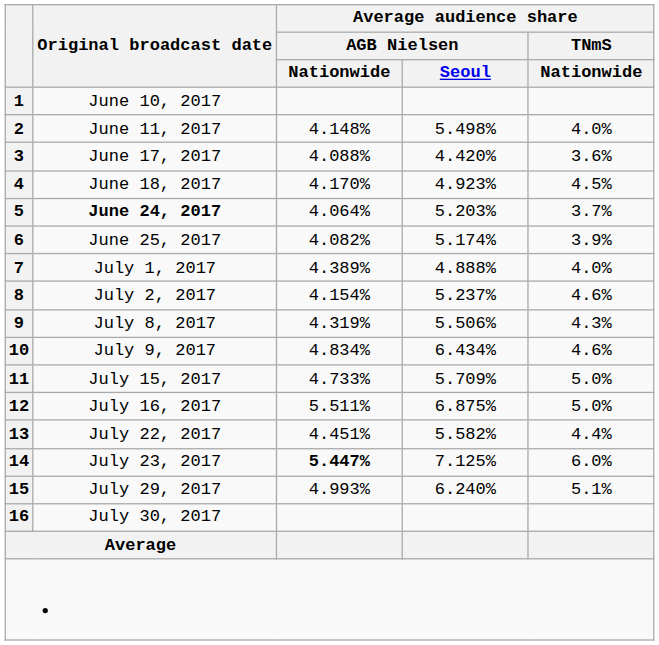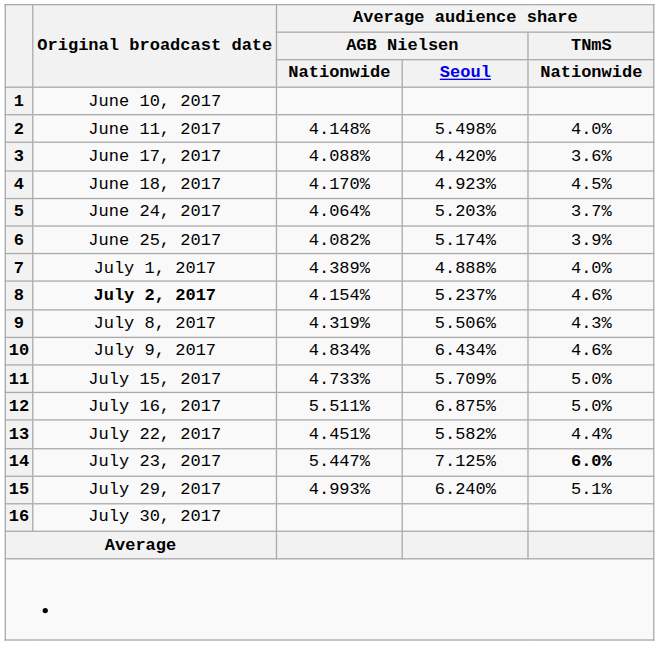 <table class="wikitable" style="text-align:center;max-width:550px; margin-left: auto; margin-right: auto; border: none;">
 <tr>
 </tr>
 <tr>
 <th rowspan="3"></th>
 <th rowspan="3">Original broadcast date</th>
 <th colspan="3">Average audience share</th>
 </tr>
 <tr>
 <th colspan="2">AGB Nielsen</th>
 <th colspan="1">TNmS</th>
 </tr>
 <tr>
 <th width="90">Nationwide</th>
 <th width="90"><a href='#'>Seoul</a></th>
 <th width="90">Nationwide</th>
 </tr>
 <tr>
 <th>1</th>
 <td>June 10, 2017</td>
 <td></td>
 <td></td>
 <td></td>
 </tr>
 <tr>
 <th>2</th>
 <td>June 11, 2017</td>
 <td>4.148%</td>
 <td>5.498%</td>
 <td>4.0%</td>
 </tr>
 <tr>
 <th>3</th>
 <td>June 17, 2017</td>
 <td>4.088%</td>
 <td>4.420%</td>
 <td>3.6%</td>
 </tr>
 <tr>
 <th>4</th>
 <td>June 18, 2017</td>
 <td>4.170%</td>
 <td>4.923%</td>
 <td>4.5%</td>
 </tr>
 <tr>
 <th>5</th>
-<td><strong>June 24, 2017</strong></td>
+<td>June 24, 2017</td>
 <td>4.064%</td>
 <td>5.203%</td>
 <td>3.7%</td>
 </tr>
 <tr>
 <th>6</th>
 <td>June 25, 2017</td>
 <td>4.082%</td>
 <td>5.174%</td>
 <td>3.9%</td>
 </tr>
 <tr>
 <th>7</th>
 <td>July 1, 2017</td>
 <td>4.389%</td>
 <td>4.888%</td>
 <td>4.0%</td>
 </tr>
 <tr>
 <th>8</th>
-<td>July 2, 2017</td>
+<td><strong>July 2, 2017</strong></td>
 <td>4.154%</td>
 <td>5.237%</td>
 <td>4.6%</td>
 </tr>
 <tr>
 <th>9</th>
 <td>July 8, 2017</td>
 <td>4.319%</td>
 <td>5.506%</td>
 <td>4.3%</td>
 </tr>
 <tr>
 <th>10</th>
 <td>July 9, 2017</td>
 <td>4.834%</td>
 <td>6.434%</td>
 <td>4.6%</td>
 </tr>
 <tr>
 <th>11</th>
 <td>July 15, 2017</td>
 <td>4.733%</td>
 <td>5.709%</td>
 <td>5.0%</td>
 </tr>
 <tr>
 <th>12</th>
 <td>July 16, 2017</td>
 <td>5.511%</td>
 <td>6.875%</td>
 <td>5.0%</td>
 </tr>
 <tr>
 <th>13</th>
 <td>July 22, 2017</td>
 <td>4.451%</td>
 <td>5.582%</td>
 <td>4.4%</td>
 </tr>
 <tr>
 <th>14</th>
 <td>July 23, 2017</td>
-<td><strong>5.447%</strong></td>
+<td>5.447%</td>
 <td>7.125%</td>
-<td>6.0%</td>
+<td><strong>6.0%</strong></td>
 </tr>
 <tr>
 <th>15</th>
 <td>July 29, 2017</td>
 <td>4.993%</td>
 <td>6.240%</td>
 <td>5.1%</td>
 </tr>
 <tr>
 <th>16</th>
 <td>July 30, 2017</td>
 <td></td>
 <td></td>
 <td></td>
 </tr>
 <tr>
 <th colspan="2">Average</th>
 <th></th>
 <th></th>
 <th></th>
 </tr>
 <tr>
 <td colspan="6"><br><ul><li></li></ul></td>
 </tr>
 </table>
